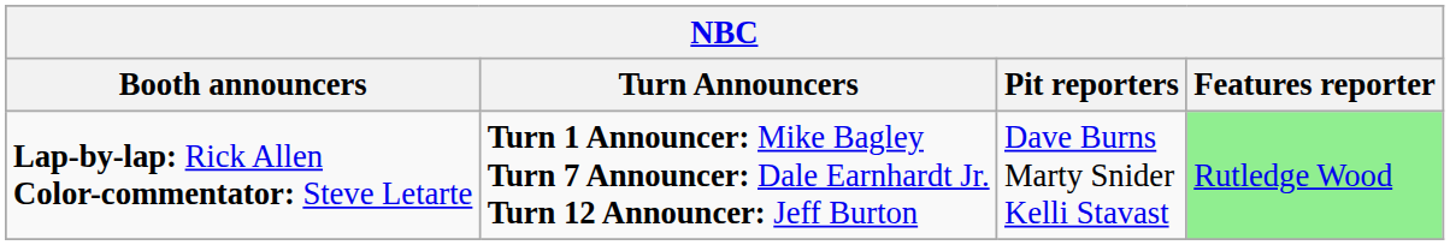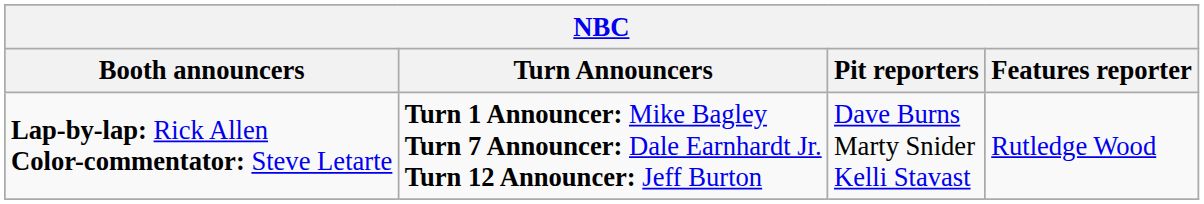 <table class="wikitable" style="font-size: 95%">
 <tr>
 <th colspan="4"><a href='#'>NBC</a></th>
 </tr>
 <tr>
 <th>Booth announcers</th>
 <th>Turn Announcers</th>
 <th>Pit reporters</th>
 <th>Features reporter</th>
 </tr>
 <tr>
 <td><strong>Lap-by-lap:</strong> <a href='#'>Rick Allen</a><br><strong>Color-commentator:</strong> <a href='#'>Steve Letarte</a></td>
 <td><strong>Turn 1 Announcer:</strong> <a href='#'>Mike Bagley</a><br><strong>Turn 7 Announcer:</strong> <a href='#'>Dale Earnhardt Jr.</a><br><strong>Turn 12 Announcer:</strong> <a href='#'>Jeff Burton</a></td>
 <td><a href='#'>Dave Burns</a><br>Marty Snider<br><a href='#'>Kelli Stavast</a></td>
-<td style="background: lightgreen;"><a href='#'>Rutledge Wood</a></td>
+<td><a href='#'>Rutledge Wood</a></td>
 </tr>
 </table>
